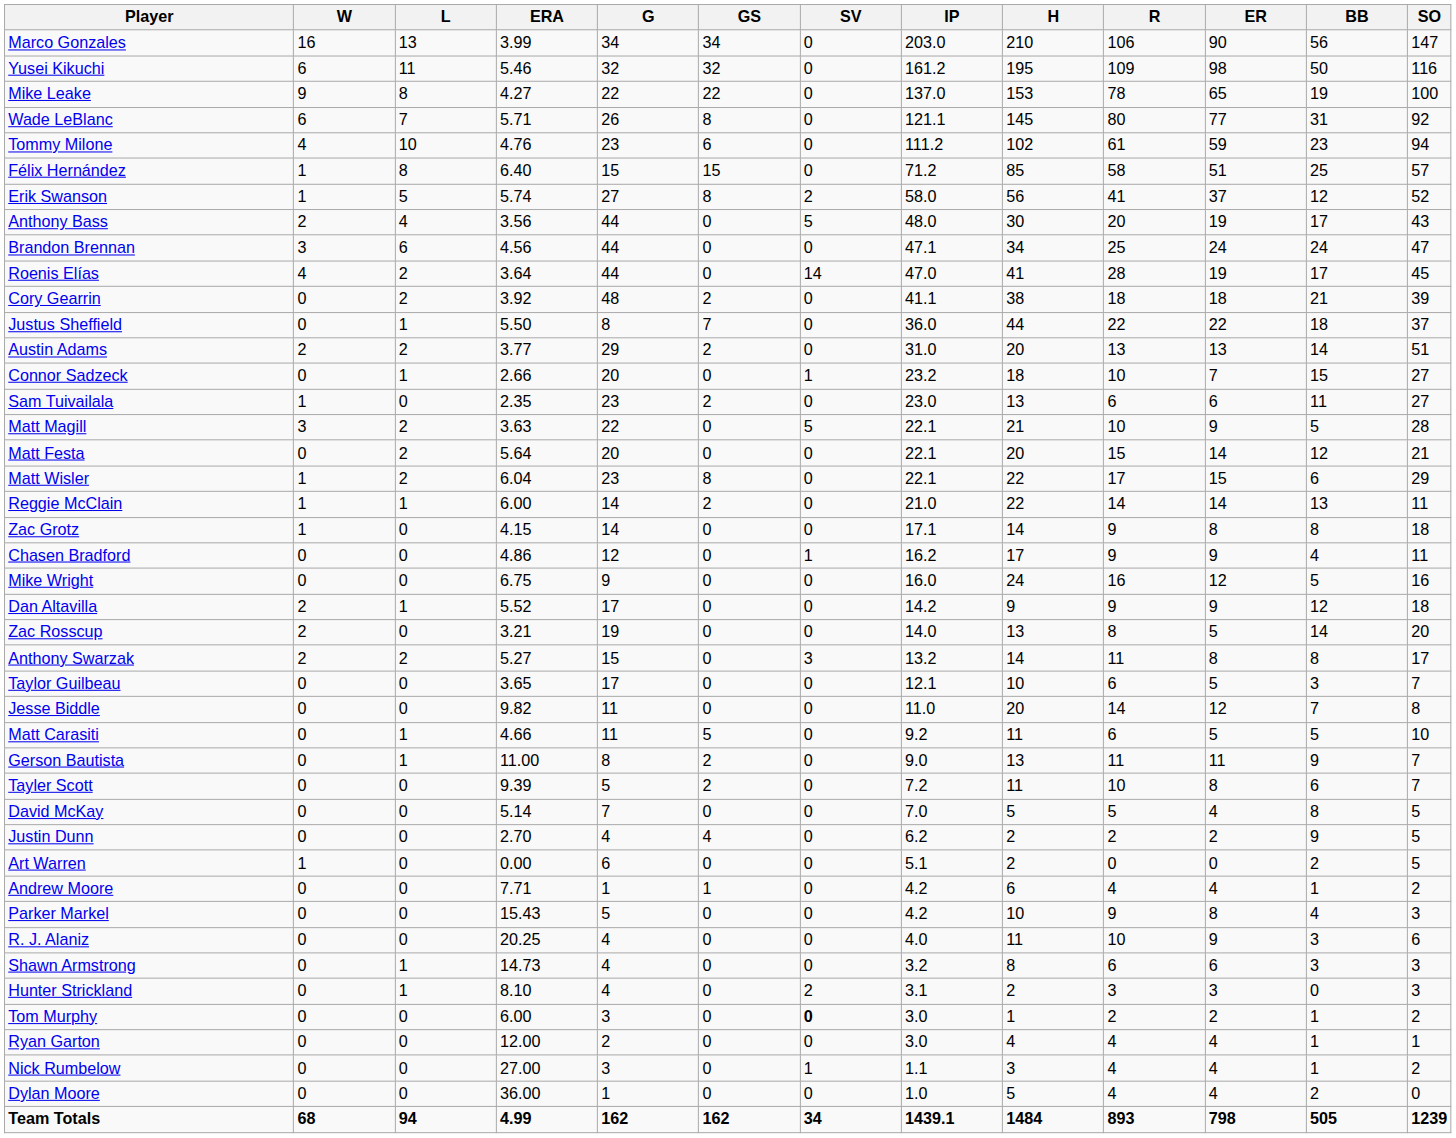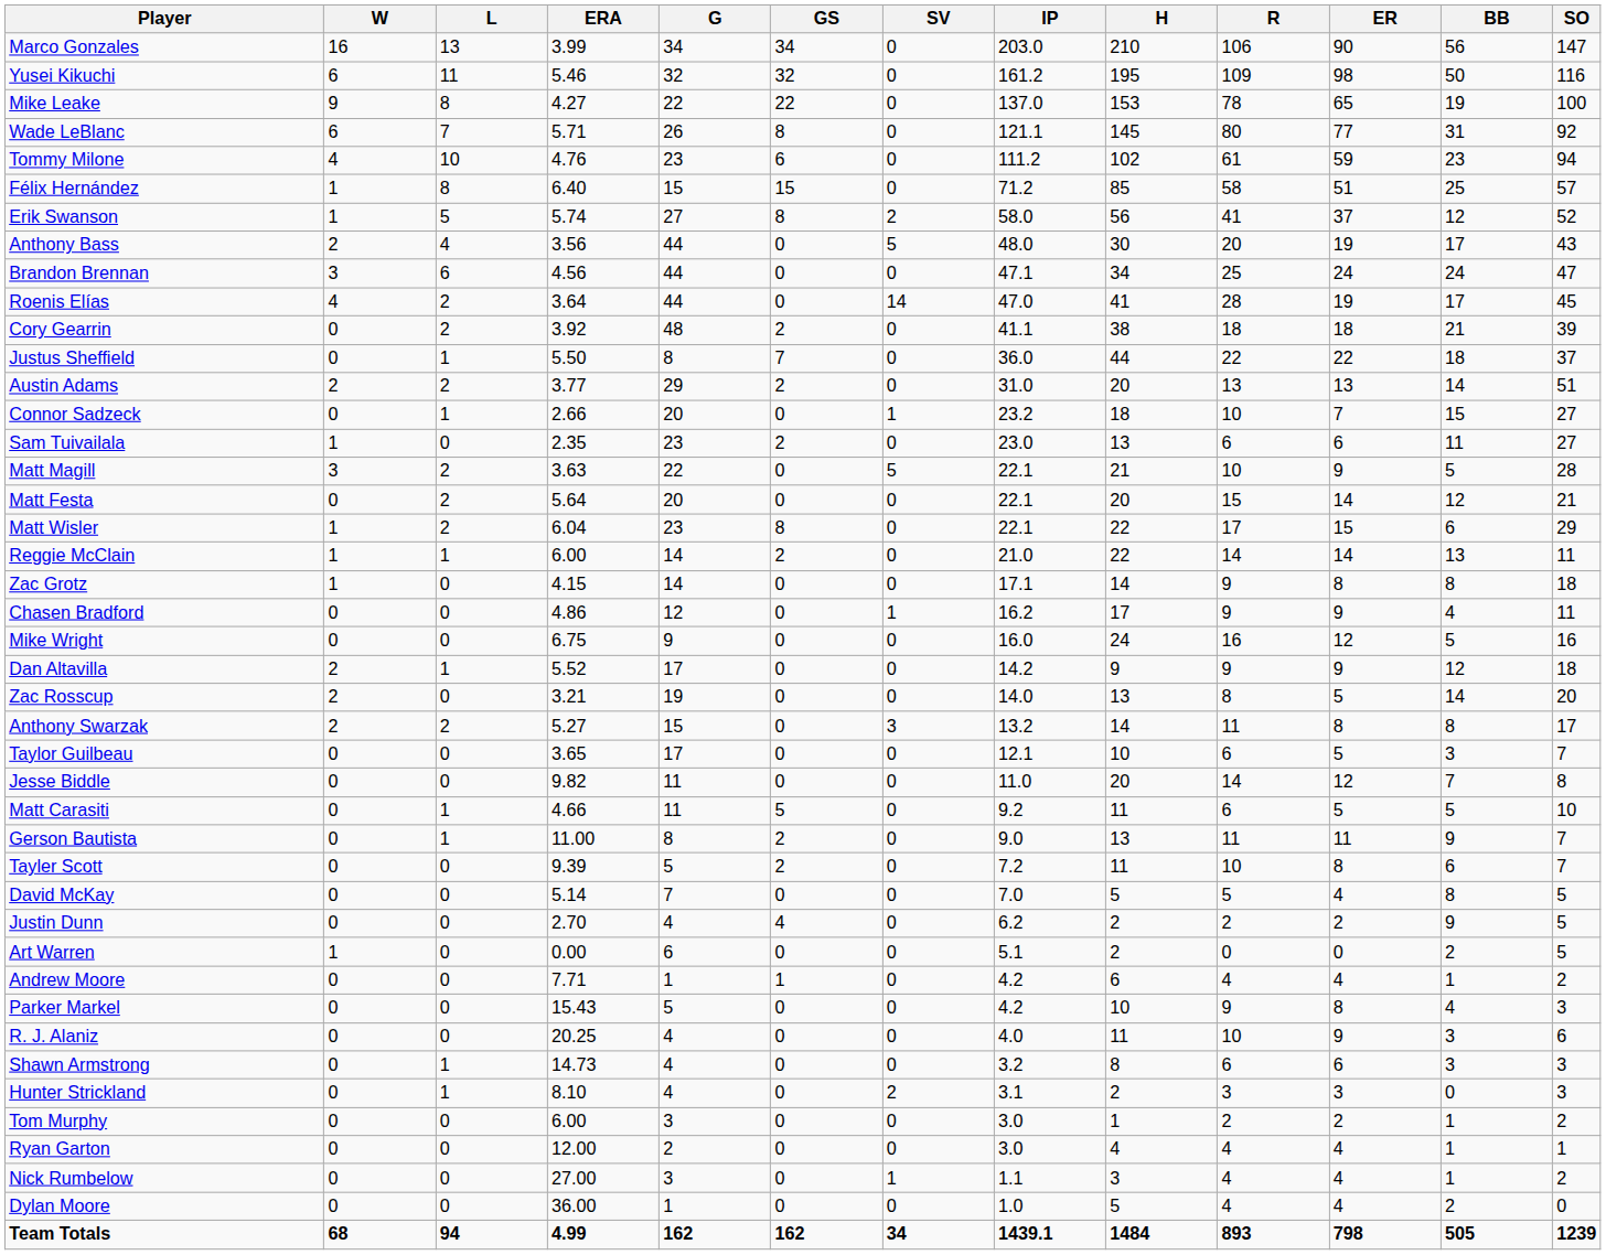 <table class=wikitable style="text-align=center">
 <tr>
 <th bgcolor=#DDDDFF; width="20%">Player</th>
 <th bgcolor=#DDDDFF; width="7%">W</th>
 <th bgcolor=#DDDDFF; width="7%">L</th>
 <th bgcolor=#DDDDFF; width="7%">ERA</th>
 <th bgcolor=#DDDDFF; width="7%">G</th>
 <th bgcolor=#DDDDFF; width="7%'">GS</th>
 <th bgcolor=#DDDDFF; width="7%">SV</th>
 <th bgcolor=#DDDDFF; width="7%">IP</th>
 <th bgcolor=#DDDDFF; width="7%">H</th>
 <th bgcolor=#DDDDFF; width="7%">R</th>
 <th bgcolor=#DDDDFF; width="7%">ER</th>
 <th bgcolor=#DDDDFF; width="7%">BB</th>
 <th bgcolor=#DDDDFF; width="7%">SO</th>
 </tr>
 <tr>
 <td><a href='#'>Marco Gonzales</a></td>
 <td>16</td>
 <td>13</td>
 <td>3.99</td>
 <td>34</td>
 <td>34</td>
 <td>0</td>
 <td>203.0</td>
 <td>210</td>
 <td>106</td>
 <td>90</td>
 <td>56</td>
 <td>147</td>
 </tr>
 <tr>
 <td><a href='#'>Yusei Kikuchi</a></td>
 <td>6</td>
 <td>11</td>
 <td>5.46</td>
 <td>32</td>
 <td>32</td>
 <td>0</td>
 <td>161.2</td>
 <td>195</td>
 <td>109</td>
 <td>98</td>
 <td>50</td>
 <td>116</td>
 </tr>
 <tr>
 <td><a href='#'>Mike Leake</a></td>
 <td>9</td>
 <td>8</td>
 <td>4.27</td>
 <td>22</td>
 <td>22</td>
 <td>0</td>
 <td>137.0</td>
 <td>153</td>
 <td>78</td>
 <td>65</td>
 <td>19</td>
 <td>100</td>
 </tr>
 <tr>
 <td><a href='#'>Wade LeBlanc</a></td>
 <td>6</td>
 <td>7</td>
 <td>5.71</td>
 <td>26</td>
 <td>8</td>
 <td>0</td>
 <td>121.1</td>
 <td>145</td>
 <td>80</td>
 <td>77</td>
 <td>31</td>
 <td>92</td>
 </tr>
 <tr>
 <td><a href='#'>Tommy Milone</a></td>
 <td>4</td>
 <td>10</td>
 <td>4.76</td>
 <td>23</td>
 <td>6</td>
 <td>0</td>
 <td>111.2</td>
 <td>102</td>
 <td>61</td>
 <td>59</td>
 <td>23</td>
 <td>94</td>
 </tr>
 <tr>
 <td><a href='#'>Félix Hernández</a></td>
 <td>1</td>
 <td>8</td>
 <td>6.40</td>
 <td>15</td>
 <td>15</td>
 <td>0</td>
 <td>71.2</td>
 <td>85</td>
 <td>58</td>
 <td>51</td>
 <td>25</td>
 <td>57</td>
 </tr>
 <tr>
 <td><a href='#'>Erik Swanson</a></td>
 <td>1</td>
 <td>5</td>
 <td>5.74</td>
 <td>27</td>
 <td>8</td>
 <td>2</td>
 <td>58.0</td>
 <td>56</td>
 <td>41</td>
 <td>37</td>
 <td>12</td>
 <td>52</td>
 </tr>
 <tr>
 <td><a href='#'>Anthony Bass</a></td>
 <td>2</td>
 <td>4</td>
 <td>3.56</td>
 <td>44</td>
 <td>0</td>
 <td>5</td>
 <td>48.0</td>
 <td>30</td>
 <td>20</td>
 <td>19</td>
 <td>17</td>
 <td>43</td>
 </tr>
 <tr>
 <td><a href='#'>Brandon Brennan</a></td>
 <td>3</td>
 <td>6</td>
 <td>4.56</td>
 <td>44</td>
 <td>0</td>
 <td>0</td>
 <td>47.1</td>
 <td>34</td>
 <td>25</td>
 <td>24</td>
 <td>24</td>
 <td>47</td>
 </tr>
 <tr>
 <td><a href='#'>Roenis Elías</a></td>
 <td>4</td>
 <td>2</td>
 <td>3.64</td>
 <td>44</td>
 <td>0</td>
 <td>14</td>
 <td>47.0</td>
 <td>41</td>
 <td>28</td>
 <td>19</td>
 <td>17</td>
 <td>45</td>
 </tr>
 <tr>
 <td><a href='#'>Cory Gearrin</a></td>
 <td>0</td>
 <td>2</td>
 <td>3.92</td>
 <td>48</td>
 <td>2</td>
 <td>0</td>
 <td>41.1</td>
 <td>38</td>
 <td>18</td>
 <td>18</td>
 <td>21</td>
 <td>39</td>
 </tr>
 <tr>
 <td><a href='#'>Justus Sheffield</a></td>
 <td>0</td>
 <td>1</td>
 <td>5.50</td>
 <td>8</td>
 <td>7</td>
 <td>0</td>
 <td>36.0</td>
 <td>44</td>
 <td>22</td>
 <td>22</td>
 <td>18</td>
 <td>37</td>
 </tr>
 <tr>
 <td><a href='#'>Austin Adams</a></td>
 <td>2</td>
 <td>2</td>
 <td>3.77</td>
 <td>29</td>
 <td>2</td>
 <td>0</td>
 <td>31.0</td>
 <td>20</td>
 <td>13</td>
 <td>13</td>
 <td>14</td>
 <td>51</td>
 </tr>
 <tr>
 <td><a href='#'>Connor Sadzeck</a></td>
 <td>0</td>
 <td>1</td>
 <td>2.66</td>
 <td>20</td>
 <td>0</td>
 <td>1</td>
 <td>23.2</td>
 <td>18</td>
 <td>10</td>
 <td>7</td>
 <td>15</td>
 <td>27</td>
 </tr>
 <tr>
 <td><a href='#'>Sam Tuivailala</a></td>
 <td>1</td>
 <td>0</td>
 <td>2.35</td>
 <td>23</td>
 <td>2</td>
 <td>0</td>
 <td>23.0</td>
 <td>13</td>
 <td>6</td>
 <td>6</td>
 <td>11</td>
 <td>27</td>
 </tr>
 <tr>
 <td><a href='#'>Matt Magill</a></td>
 <td>3</td>
 <td>2</td>
 <td>3.63</td>
 <td>22</td>
 <td>0</td>
 <td>5</td>
 <td>22.1</td>
 <td>21</td>
 <td>10</td>
 <td>9</td>
 <td>5</td>
 <td>28</td>
 </tr>
 <tr>
 <td><a href='#'>Matt Festa</a></td>
 <td>0</td>
 <td>2</td>
 <td>5.64</td>
 <td>20</td>
 <td>0</td>
 <td>0</td>
 <td>22.1</td>
 <td>20</td>
 <td>15</td>
 <td>14</td>
 <td>12</td>
 <td>21</td>
 </tr>
 <tr>
 <td><a href='#'>Matt Wisler</a></td>
 <td>1</td>
 <td>2</td>
 <td>6.04</td>
 <td>23</td>
 <td>8</td>
 <td>0</td>
 <td>22.1</td>
 <td>22</td>
 <td>17</td>
 <td>15</td>
 <td>6</td>
 <td>29</td>
 </tr>
 <tr>
 <td><a href='#'>Reggie McClain</a></td>
 <td>1</td>
 <td>1</td>
 <td>6.00</td>
 <td>14</td>
 <td>2</td>
 <td>0</td>
 <td>21.0</td>
 <td>22</td>
 <td>14</td>
 <td>14</td>
 <td>13</td>
 <td>11</td>
 </tr>
 <tr>
 <td><a href='#'>Zac Grotz</a></td>
 <td>1</td>
 <td>0</td>
 <td>4.15</td>
 <td>14</td>
 <td>0</td>
 <td>0</td>
 <td>17.1</td>
 <td>14</td>
 <td>9</td>
 <td>8</td>
 <td>8</td>
 <td>18</td>
 </tr>
 <tr>
 <td><a href='#'>Chasen Bradford</a></td>
 <td>0</td>
 <td>0</td>
 <td>4.86</td>
 <td>12</td>
 <td>0</td>
 <td>1</td>
 <td>16.2</td>
 <td>17</td>
 <td>9</td>
 <td>9</td>
 <td>4</td>
 <td>11</td>
 </tr>
 <tr>
 <td><a href='#'>Mike Wright</a></td>
 <td>0</td>
 <td>0</td>
 <td>6.75</td>
 <td>9</td>
 <td>0</td>
 <td>0</td>
 <td>16.0</td>
 <td>24</td>
 <td>16</td>
 <td>12</td>
 <td>5</td>
 <td>16</td>
 </tr>
 <tr>
 <td><a href='#'>Dan Altavilla</a></td>
 <td>2</td>
 <td>1</td>
 <td>5.52</td>
 <td>17</td>
 <td>0</td>
 <td>0</td>
 <td>14.2</td>
 <td>9</td>
 <td>9</td>
 <td>9</td>
 <td>12</td>
 <td>18</td>
 </tr>
 <tr>
 <td><a href='#'>Zac Rosscup</a></td>
 <td>2</td>
 <td>0</td>
 <td>3.21</td>
 <td>19</td>
 <td>0</td>
 <td>0</td>
 <td>14.0</td>
 <td>13</td>
 <td>8</td>
 <td>5</td>
 <td>14</td>
 <td>20</td>
 </tr>
 <tr>
 <td><a href='#'>Anthony Swarzak</a></td>
 <td>2</td>
 <td>2</td>
 <td>5.27</td>
 <td>15</td>
 <td>0</td>
 <td>3</td>
 <td>13.2</td>
 <td>14</td>
 <td>11</td>
 <td>8</td>
 <td>8</td>
 <td>17</td>
 </tr>
 <tr>
 <td><a href='#'>Taylor Guilbeau</a></td>
 <td>0</td>
 <td>0</td>
 <td>3.65</td>
 <td>17</td>
 <td>0</td>
 <td>0</td>
 <td>12.1</td>
 <td>10</td>
 <td>6</td>
 <td>5</td>
 <td>3</td>
 <td>7</td>
 </tr>
 <tr>
 <td><a href='#'>Jesse Biddle</a></td>
 <td>0</td>
 <td>0</td>
 <td>9.82</td>
 <td>11</td>
 <td>0</td>
 <td>0</td>
 <td>11.0</td>
 <td>20</td>
 <td>14</td>
 <td>12</td>
 <td>7</td>
 <td>8</td>
 </tr>
 <tr>
 <td><a href='#'>Matt Carasiti</a></td>
 <td>0</td>
 <td>1</td>
 <td>4.66</td>
 <td>11</td>
 <td>5</td>
 <td>0</td>
 <td>9.2</td>
 <td>11</td>
 <td>6</td>
 <td>5</td>
 <td>5</td>
 <td>10</td>
 </tr>
 <tr>
 <td><a href='#'>Gerson Bautista</a></td>
 <td>0</td>
 <td>1</td>
 <td>11.00</td>
 <td>8</td>
 <td>2</td>
 <td>0</td>
 <td>9.0</td>
 <td>13</td>
 <td>11</td>
 <td>11</td>
 <td>9</td>
 <td>7</td>
 </tr>
 <tr>
 <td><a href='#'>Tayler Scott</a></td>
 <td>0</td>
 <td>0</td>
 <td>9.39</td>
 <td>5</td>
 <td>2</td>
 <td>0</td>
 <td>7.2</td>
 <td>11</td>
 <td>10</td>
 <td>8</td>
 <td>6</td>
 <td>7</td>
 </tr>
 <tr>
 <td><a href='#'>David McKay</a></td>
 <td>0</td>
 <td>0</td>
 <td>5.14</td>
 <td>7</td>
 <td>0</td>
 <td>0</td>
 <td>7.0</td>
 <td>5</td>
 <td>5</td>
 <td>4</td>
 <td>8</td>
 <td>5</td>
 </tr>
 <tr>
 <td><a href='#'>Justin Dunn</a></td>
 <td>0</td>
 <td>0</td>
 <td>2.70</td>
 <td>4</td>
 <td>4</td>
 <td>0</td>
 <td>6.2</td>
 <td>2</td>
 <td>2</td>
 <td>2</td>
 <td>9</td>
 <td>5</td>
 </tr>
 <tr>
 <td><a href='#'>Art Warren</a></td>
 <td>1</td>
 <td>0</td>
 <td>0.00</td>
 <td>6</td>
 <td>0</td>
 <td>0</td>
 <td>5.1</td>
 <td>2</td>
 <td>0</td>
 <td>0</td>
 <td>2</td>
 <td>5</td>
 </tr>
 <tr>
 <td><a href='#'>Andrew Moore</a></td>
 <td>0</td>
 <td>0</td>
 <td>7.71</td>
 <td>1</td>
 <td>1</td>
 <td>0</td>
 <td>4.2</td>
 <td>6</td>
 <td>4</td>
 <td>4</td>
 <td>1</td>
 <td>2</td>
 </tr>
 <tr>
 <td><a href='#'>Parker Markel</a></td>
 <td>0</td>
 <td>0</td>
 <td>15.43</td>
 <td>5</td>
 <td>0</td>
 <td>0</td>
 <td>4.2</td>
 <td>10</td>
 <td>9</td>
 <td>8</td>
 <td>4</td>
 <td>3</td>
 </tr>
 <tr>
 <td><a href='#'>R. J. Alaniz</a></td>
 <td>0</td>
 <td>0</td>
 <td>20.25</td>
 <td>4</td>
 <td>0</td>
 <td>0</td>
 <td>4.0</td>
 <td>11</td>
 <td>10</td>
 <td>9</td>
 <td>3</td>
 <td>6</td>
 </tr>
 <tr>
 <td><a href='#'>Shawn Armstrong</a></td>
 <td>0</td>
 <td>1</td>
 <td>14.73</td>
 <td>4</td>
 <td>0</td>
 <td>0</td>
 <td>3.2</td>
 <td>8</td>
 <td>6</td>
 <td>6</td>
 <td>3</td>
 <td>3</td>
 </tr>
 <tr>
 <td><a href='#'>Hunter Strickland</a></td>
 <td>0</td>
 <td>1</td>
 <td>8.10</td>
 <td>4</td>
 <td>0</td>
 <td>2</td>
 <td>3.1</td>
 <td>2</td>
 <td>3</td>
 <td>3</td>
 <td>0</td>
 <td>3</td>
 </tr>
 <tr>
 <td><a href='#'>Tom Murphy</a></td>
 <td>0</td>
 <td>0</td>
 <td>6.00</td>
 <td>3</td>
 <td>0</td>
-<td><strong>0</strong></td>
+<td>0</td>
 <td>3.0</td>
 <td>1</td>
 <td>2</td>
 <td>2</td>
 <td>1</td>
 <td>2</td>
 </tr>
 <tr>
 <td><a href='#'>Ryan Garton</a></td>
 <td>0</td>
 <td>0</td>
 <td>12.00</td>
 <td>2</td>
 <td>0</td>
 <td>0</td>
 <td>3.0</td>
 <td>4</td>
 <td>4</td>
 <td>4</td>
 <td>1</td>
 <td>1</td>
 </tr>
 <tr>
 <td><a href='#'>Nick Rumbelow</a></td>
 <td>0</td>
 <td>0</td>
 <td>27.00</td>
 <td>3</td>
 <td>0</td>
 <td>1</td>
 <td>1.1</td>
 <td>3</td>
 <td>4</td>
 <td>4</td>
 <td>1</td>
 <td>2</td>
 </tr>
 <tr>
 <td><a href='#'>Dylan Moore</a></td>
 <td>0</td>
 <td>0</td>
 <td>36.00</td>
 <td>1</td>
 <td>0</td>
 <td>0</td>
 <td>1.0</td>
 <td>5</td>
 <td>4</td>
 <td>4</td>
 <td>2</td>
 <td>0</td>
 </tr>
 <tr>
 <td><strong>Team Totals</strong></td>
 <td><strong>68</strong></td>
 <td><strong>94</strong></td>
 <td><strong>4.99</strong></td>
 <td><strong>162</strong></td>
 <td><strong>162</strong></td>
 <td><strong>34</strong></td>
 <td><strong>1439.1</strong></td>
 <td><strong>1484</strong></td>
 <td><strong>893</strong></td>
 <td><strong>798</strong></td>
 <td><strong>505</strong></td>
 <td><strong>1239</strong></td>
 </tr>
 </table>
